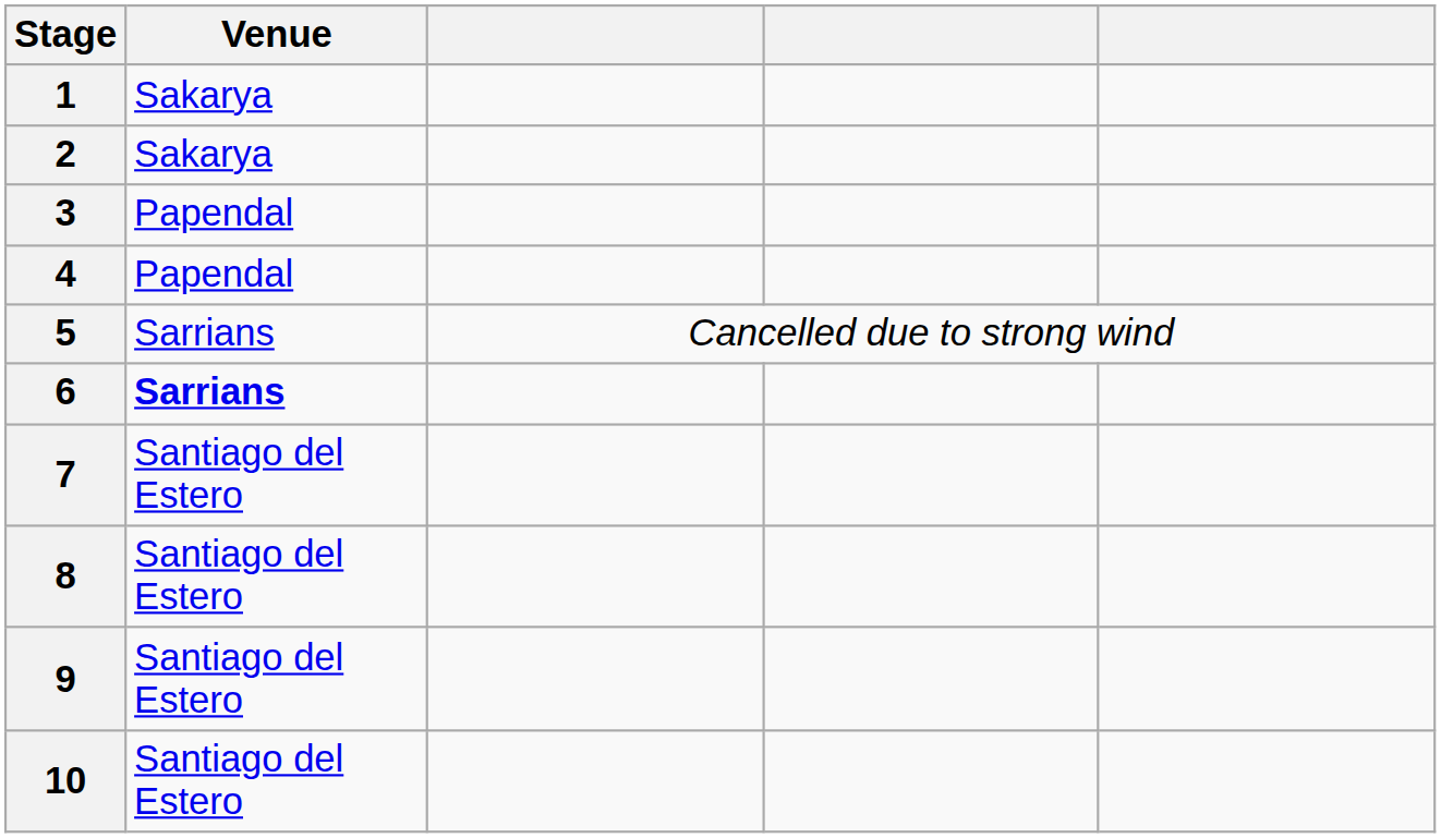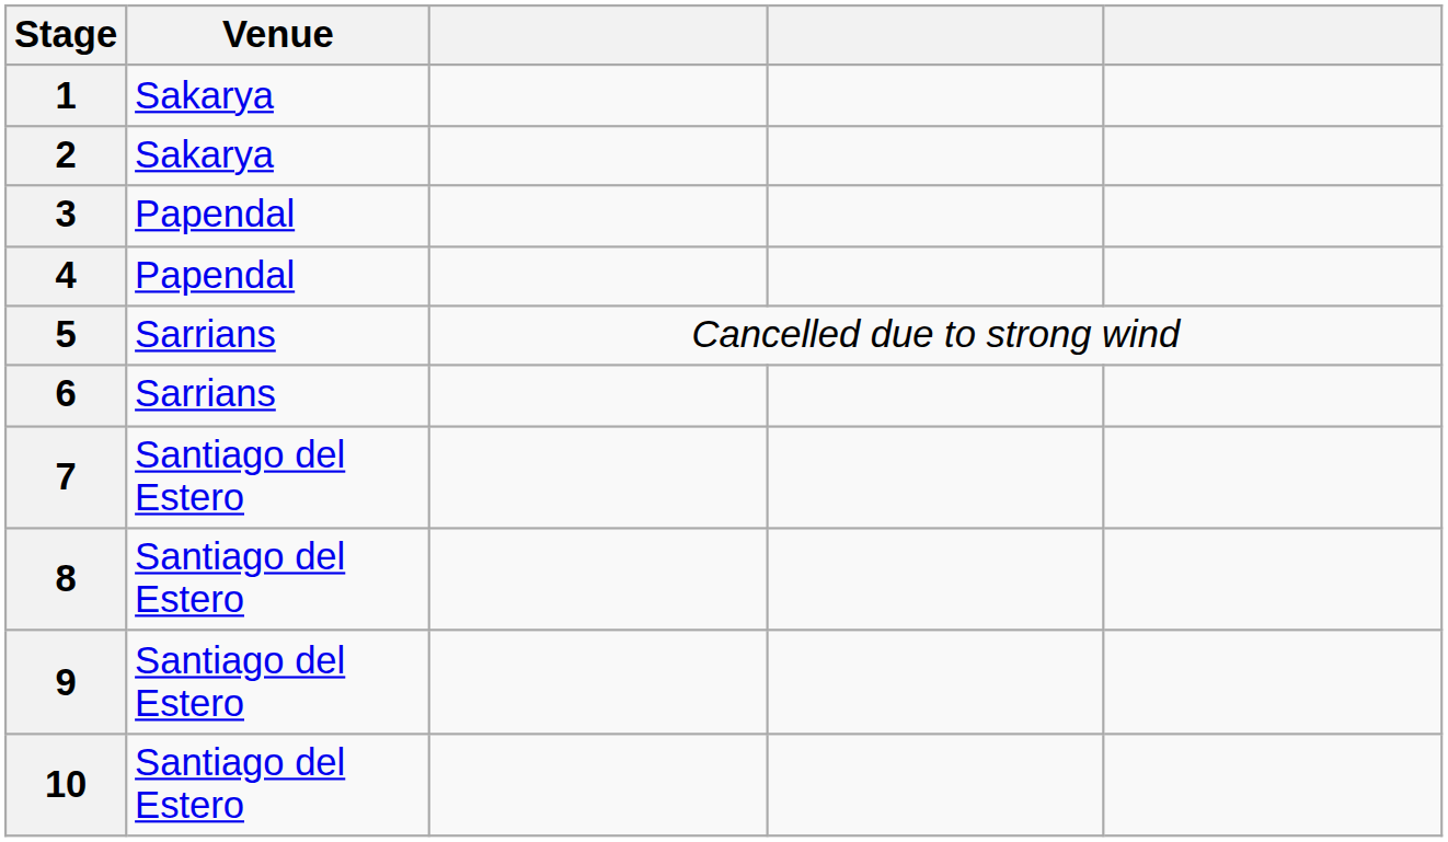 <table class="wikitable">
 <tr>
 <th>Stage</th>
 <th width=160>Venue</th>
 <th width=220></th>
 <th width=220></th>
 <th width=220></th>
 </tr>
 <tr>
 <th>1</th>
 <td> <a href='#'>Sakarya</a></td>
 <td></td>
 <td></td>
 <td></td>
 </tr>
 <tr>
 <th>2</th>
 <td> <a href='#'>Sakarya</a></td>
 <td></td>
 <td></td>
 <td></td>
 </tr>
 <tr>
 <th>3</th>
 <td> <a href='#'>Papendal</a></td>
 <td></td>
 <td></td>
 <td></td>
 </tr>
 <tr>
 <th>4</th>
 <td> <a href='#'>Papendal</a></td>
 <td></td>
 <td></td>
 <td></td>
 </tr>
 <tr>
 <th>5</th>
 <td> <a href='#'>Sarrians</a></td>
 <td align=center colspan=3><em>Cancelled due to strong wind</em></td>
 </tr>
 <tr>
 <th>6</th>
-<td><strong> <a href='#'>Sarrians</a></strong></td>
+<td> <a href='#'>Sarrians</a></td>
 <td></td>
 <td></td>
 <td></td>
 </tr>
 <tr>
 <th>7</th>
 <td> <a href='#'>Santiago del Estero</a></td>
 <td></td>
 <td></td>
 <td></td>
 </tr>
 <tr>
 <th>8</th>
 <td> <a href='#'>Santiago del Estero</a></td>
 <td></td>
 <td></td>
 <td></td>
 </tr>
 <tr>
 <th>9</th>
 <td> <a href='#'>Santiago del Estero</a></td>
 <td></td>
 <td></td>
 <td></td>
 </tr>
 <tr>
 <th>10</th>
 <td> <a href='#'>Santiago del Estero</a></td>
 <td></td>
 <td></td>
 <td></td>
 </tr>
 </table>
